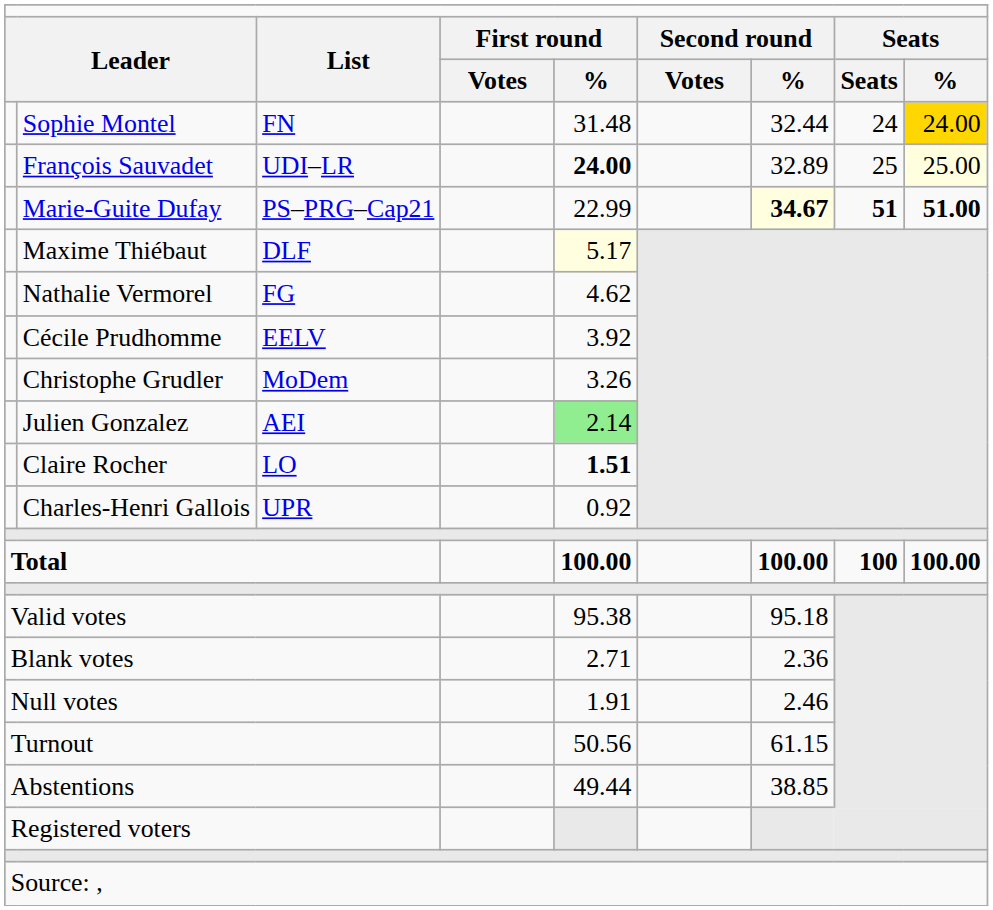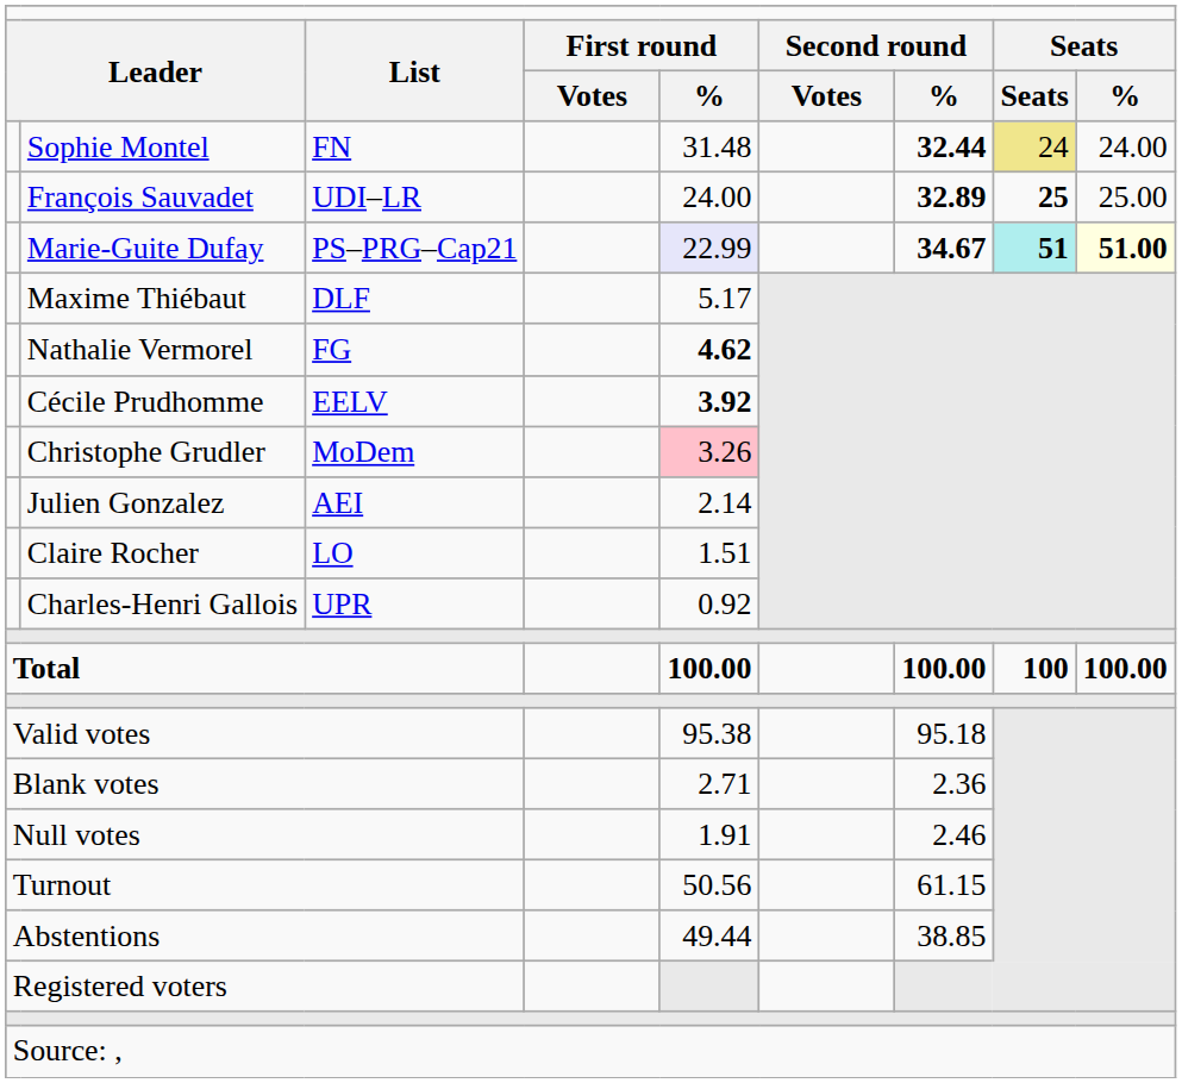 <table class="wikitable" style="font-size:95%;text-align:right;">
 <tr>
 <td colspan="9"></td>
 </tr>
 <tr>
 <th colspan="2" rowspan="2">Leader</th>
 <th rowspan="2">List</th>
 <th colspan="2">First round</th>
 <th colspan="2">Second round</th>
 <th colspan="2">Seats</th>
 </tr>
 <tr style="text-align:center;">
 <th width="60px">Votes</th>
 <th width="30px">%</th>
 <th width="60px">Votes</th>
 <th width="30px">%</th>
 <th width="30px">Seats</th>
 <th width="30px">%</th>
 </tr>
 <tr>
 <td style="background:"></td>
 <td style="text-align:left;"><a href='#'>Sophie Montel</a></td>
 <td style="text-align:left;"><a href='#'>FN</a></td>
 <td></td>
 <td>31.48</td>
 <td></td>
-<td>32.44</td>
-<td>24</td>
-<td style="background: gold;">24.00</td>
+<td><strong>32.44</strong></td>
+<td style="background: khaki;">24</td>
+<td>24.00</td>
 </tr>
 <tr>
 <td style="background:"></td>
 <td style="text-align:left;"><a href='#'>François Sauvadet</a></td>
 <td style="text-align:left;"><a href='#'>UDI</a>–<a href='#'>LR</a></td>
 <td></td>
-<td><strong>24.00</strong></td>
+<td>24.00</td>
 <td></td>
-<td>32.89</td>
-<td>25</td>
-<td style="background: lightyellow;">25.00</td>
+<td><strong>32.89</strong></td>
+<td><strong>25</strong></td>
+<td>25.00</td>
 </tr>
 <tr>
 <td style="background:"></td>
 <td style="text-align:left;"><a href='#'>Marie-Guite Dufay</a></td>
 <td style="text-align:left;"><a href='#'>PS</a>–<a href='#'>PRG</a>–<a href='#'>Cap21</a></td>
 <td></td>
-<td>22.99</td>
+<td style="background: lavender;">22.99</td>
 <td><strong></strong></td>
-<td style="background: lightyellow;"><strong>34.67</strong></td>
-<td><strong>51</strong></td>
-<td><strong>51.00</strong></td>
+<td><strong>34.67</strong></td>
+<td style="background: paleturquoise;"><strong>51</strong></td>
+<td style="background: lightyellow;"><strong>51.00</strong></td>
 </tr>
 <tr>
 <td style="background:"></td>
 <td style="text-align:left;">Maxime Thiébaut</td>
 <td style="text-align:left;"><a href='#'>DLF</a></td>
 <td></td>
-<td style="background: lightyellow;">5.17</td>
+<td>5.17</td>
 <td style="background-color:#E9E9E9;" colspan="4" rowspan="7"></td>
 </tr>
 <tr>
 <td style="background:"></td>
 <td style="text-align:left;">Nathalie Vermorel</td>
 <td style="text-align:left;"><a href='#'>FG</a></td>
 <td></td>
-<td>4.62</td>
+<td><strong>4.62</strong></td>
 </tr>
 <tr>
 <td style="background:"></td>
 <td style="text-align:left;">Cécile Prudhomme</td>
 <td style="text-align:left;"><a href='#'>EELV</a></td>
 <td></td>
-<td>3.92</td>
+<td><strong>3.92</strong></td>
 </tr>
 <tr>
 <td style="background:"></td>
 <td style="text-align:left;">Christophe Grudler</td>
 <td style="text-align:left;"><a href='#'>MoDem</a></td>
 <td></td>
-<td>3.26</td>
+<td style="background: pink;">3.26</td>
 </tr>
 <tr>
 <td style="background:"></td>
 <td style="text-align:left;">Julien Gonzalez</td>
 <td style="text-align:left;"><a href='#'>AEI</a></td>
 <td></td>
-<td style="background: lightgreen;">2.14</td>
+<td>2.14</td>
 </tr>
 <tr>
 <td style="background:"></td>
 <td style="text-align:left;">Claire Rocher</td>
 <td style="text-align:left;"><a href='#'>LO</a></td>
 <td></td>
-<td><strong>1.51</strong></td>
+<td>1.51</td>
 </tr>
 <tr>
 <td style="background:"></td>
 <td style="text-align:left;">Charles-Henri Gallois</td>
 <td style="text-align:left;"><a href='#'>UPR</a></td>
 <td></td>
 <td>0.92</td>
 </tr>
 <tr>
 <td style="background-color:#E9E9E9;" colspan="9"></td>
 </tr>
 <tr style="font-weight:bold;">
 <td style="text-align:left;" colspan="3">Total</td>
 <td></td>
 <td>100.00</td>
 <td></td>
 <td>100.00</td>
 <td>100</td>
 <td>100.00</td>
 </tr>
 <tr>
 <td style="background-color:#E9E9E9;" colspan="9"></td>
 </tr>
 <tr>
 <td style="text-align:left;" colspan="3">Valid votes</td>
 <td></td>
 <td>95.38</td>
 <td></td>
 <td>95.18</td>
 <td style="background-color:#E9E9E9;" colspan="2" rowspan="5"></td>
 </tr>
 <tr>
 <td style="text-align:left;" colspan="3">Blank votes</td>
 <td></td>
 <td>2.71</td>
 <td></td>
 <td>2.36</td>
 </tr>
 <tr>
 <td style="text-align:left;" colspan="3">Null votes</td>
 <td></td>
 <td>1.91</td>
 <td></td>
 <td>2.46</td>
 </tr>
 <tr>
 <td style="text-align:left;" colspan="3">Turnout</td>
 <td></td>
 <td>50.56</td>
 <td></td>
 <td>61.15</td>
 </tr>
 <tr>
 <td style="text-align:left;" colspan="3">Abstentions</td>
 <td></td>
 <td>49.44</td>
 <td></td>
 <td>38.85</td>
 </tr>
 <tr>
 <td style="text-align:left;" colspan="3">Registered voters</td>
 <td></td>
 <td style="background-color:#E9E9E9;"></td>
 <td></td>
 <td style="background-color:#E9E9E9;border-right-style:hidden;"></td>
 <td style="background-color:#E9E9E9;border-top-style:hidden;" colspan="2"></td>
 </tr>
 <tr>
 <td style="background-color:#E9E9E9;" colspan="9"></td>
 </tr>
 <tr>
 <td style="text-align:left;" colspan="9">Source: , </td>
 </tr>
 </table>
